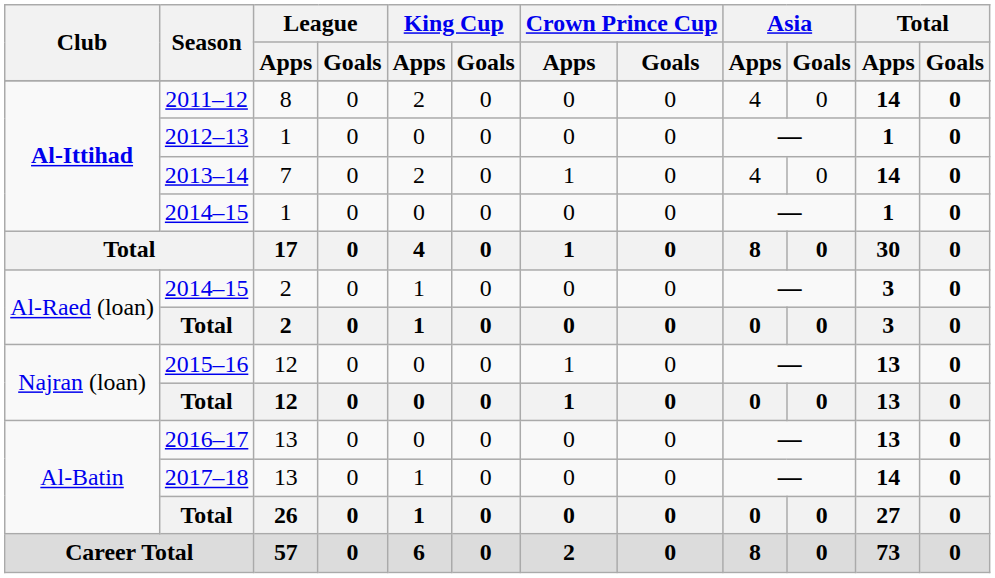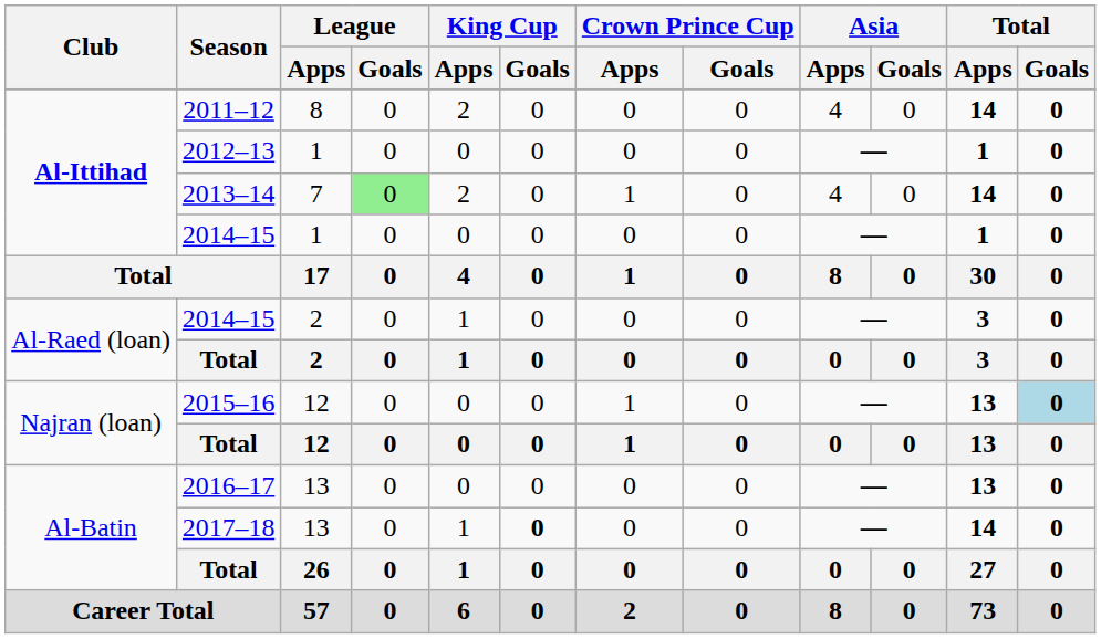 <table class="wikitable" style="text-align: center;">
 <tr>
 <th rowspan="2">Club</th>
 <th rowspan="2">Season</th>
 <th colspan="2">League</th>
 <th colspan="2"><a href='#'>King Cup</a></th>
 <th colspan="2"><a href='#'>Crown Prince Cup</a></th>
 <th colspan="2"><a href='#'>Asia</a></th>
 <th colspan="2">Total</th>
 </tr>
 <tr>
 <th>Apps</th>
 <th>Goals</th>
 <th>Apps</th>
 <th>Goals</th>
 <th>Apps</th>
 <th>Goals</th>
 <th>Apps</th>
 <th>Goals</th>
 <th>Apps</th>
 <th>Goals</th>
 </tr>
 <tr>
 </tr>
 <tr align=center>
 <td rowspan="5" align=center valign=center><strong><a href='#'>Al-Ittihad</a> </strong></td>
 </tr>
 <tr align=center>
 <td><a href='#'>2011–12</a></td>
 <td>8</td>
 <td>0</td>
 <td>2</td>
 <td>0</td>
 <td>0</td>
 <td>0</td>
 <td>4</td>
 <td>0</td>
 <td><strong>14</strong></td>
 <td><strong>0</strong></td>
 </tr>
 <tr align=center>
 <td><a href='#'>2012–13</a></td>
 <td>1</td>
 <td>0</td>
 <td>0</td>
 <td>0</td>
 <td>0</td>
 <td>0</td>
 <td Colspan=2><strong>—</strong></td>
 <td><strong>1</strong></td>
 <td><strong>0</strong></td>
 </tr>
 <tr align=center>
 <td><a href='#'>2013–14</a></td>
 <td>7</td>
-<td>0</td>
+<td style="background: lightgreen;">0</td>
 <td>2</td>
 <td>0</td>
 <td>1</td>
 <td>0</td>
 <td>4</td>
 <td>0</td>
 <td><strong>14</strong></td>
 <td><strong>0</strong></td>
 </tr>
 <tr align=center>
 <td><a href='#'>2014–15</a></td>
 <td>1</td>
 <td>0</td>
 <td>0</td>
 <td>0</td>
 <td>0</td>
 <td>0</td>
 <td Colspan=2><strong>—</strong></td>
 <td><strong>1</strong></td>
 <td><strong>0</strong></td>
 </tr>
 <tr align=center>
 <th colspan="2">Total</th>
 <th>17</th>
 <th>0</th>
 <th>4</th>
 <th>0</th>
 <th>1</th>
 <th>0</th>
 <th>8</th>
 <th>0</th>
 <th>30</th>
 <th>0</th>
 </tr>
 <tr>
 <td rowspan="2"><a href='#'>Al-Raed</a> (loan)</td>
 <td><a href='#'>2014–15</a></td>
 <td>2</td>
 <td>0</td>
 <td>1</td>
 <td>0</td>
 <td>0</td>
 <td>0</td>
 <td Colspan=2><strong>—</strong></td>
 <td><strong>3</strong></td>
 <td><strong>0</strong></td>
 </tr>
 <tr>
 <th>Total</th>
 <th>2</th>
 <th>0</th>
 <th>1</th>
 <th>0</th>
 <th>0</th>
 <th>0</th>
 <th>0</th>
 <th>0</th>
 <th>3</th>
 <th>0</th>
 </tr>
 <tr>
 <td rowspan="2"><a href='#'>Najran</a> (loan)</td>
 <td><a href='#'>2015–16</a></td>
 <td>12</td>
 <td>0</td>
 <td>0</td>
 <td>0</td>
 <td>1</td>
 <td>0</td>
 <td Colspan=2><strong>—</strong></td>
 <td><strong>13</strong></td>
-<td><strong>0</strong></td>
+<td style="background: lightblue;"><strong>0</strong></td>
 </tr>
 <tr>
 <th>Total</th>
 <th>12</th>
 <th>0</th>
 <th>0</th>
 <th>0</th>
 <th>1</th>
 <th>0</th>
 <th>0</th>
 <th>0</th>
 <th>13</th>
 <th>0</th>
 </tr>
 <tr>
 <td rowspan="3"><a href='#'>Al-Batin</a></td>
 <td><a href='#'>2016–17</a></td>
 <td>13</td>
 <td>0</td>
 <td>0</td>
 <td>0</td>
 <td>0</td>
 <td>0</td>
 <td Colspan=2><strong>—</strong></td>
 <td><strong>13</strong></td>
 <td><strong>0</strong></td>
 </tr>
 <tr>
 <td><a href='#'>2017–18</a></td>
 <td>13</td>
 <td>0</td>
 <td>1</td>
-<td>0</td>
+<td><strong>0</strong></td>
 <td>0</td>
 <td>0</td>
 <td Colspan=2><strong>—</strong></td>
 <td><strong>14</strong></td>
 <td><strong>0</strong></td>
 </tr>
 <tr>
 <th>Total</th>
 <th>26</th>
 <th>0</th>
 <th>1</th>
 <th>0</th>
 <th>0</th>
 <th>0</th>
 <th>0</th>
 <th>0</th>
 <th>27</th>
 <th>0</th>
 </tr>
 <tr>
 <th style="background: #DCDCDC" colspan="2">Career Total</th>
 <th style="background: #DCDCDC">57</th>
 <th style="background: #DCDCDC">0</th>
 <th style="background: #DCDCDC">6</th>
 <th style="background: #DCDCDC">0</th>
 <th style="background: #DCDCDC">2</th>
 <th style="background: #DCDCDC">0</th>
 <th style="background: #DCDCDC">8</th>
 <th style="background: #DCDCDC">0</th>
 <th style="background: #DCDCDC">73</th>
 <th style="background: #DCDCDC">0</th>
 </tr>
 </table>
